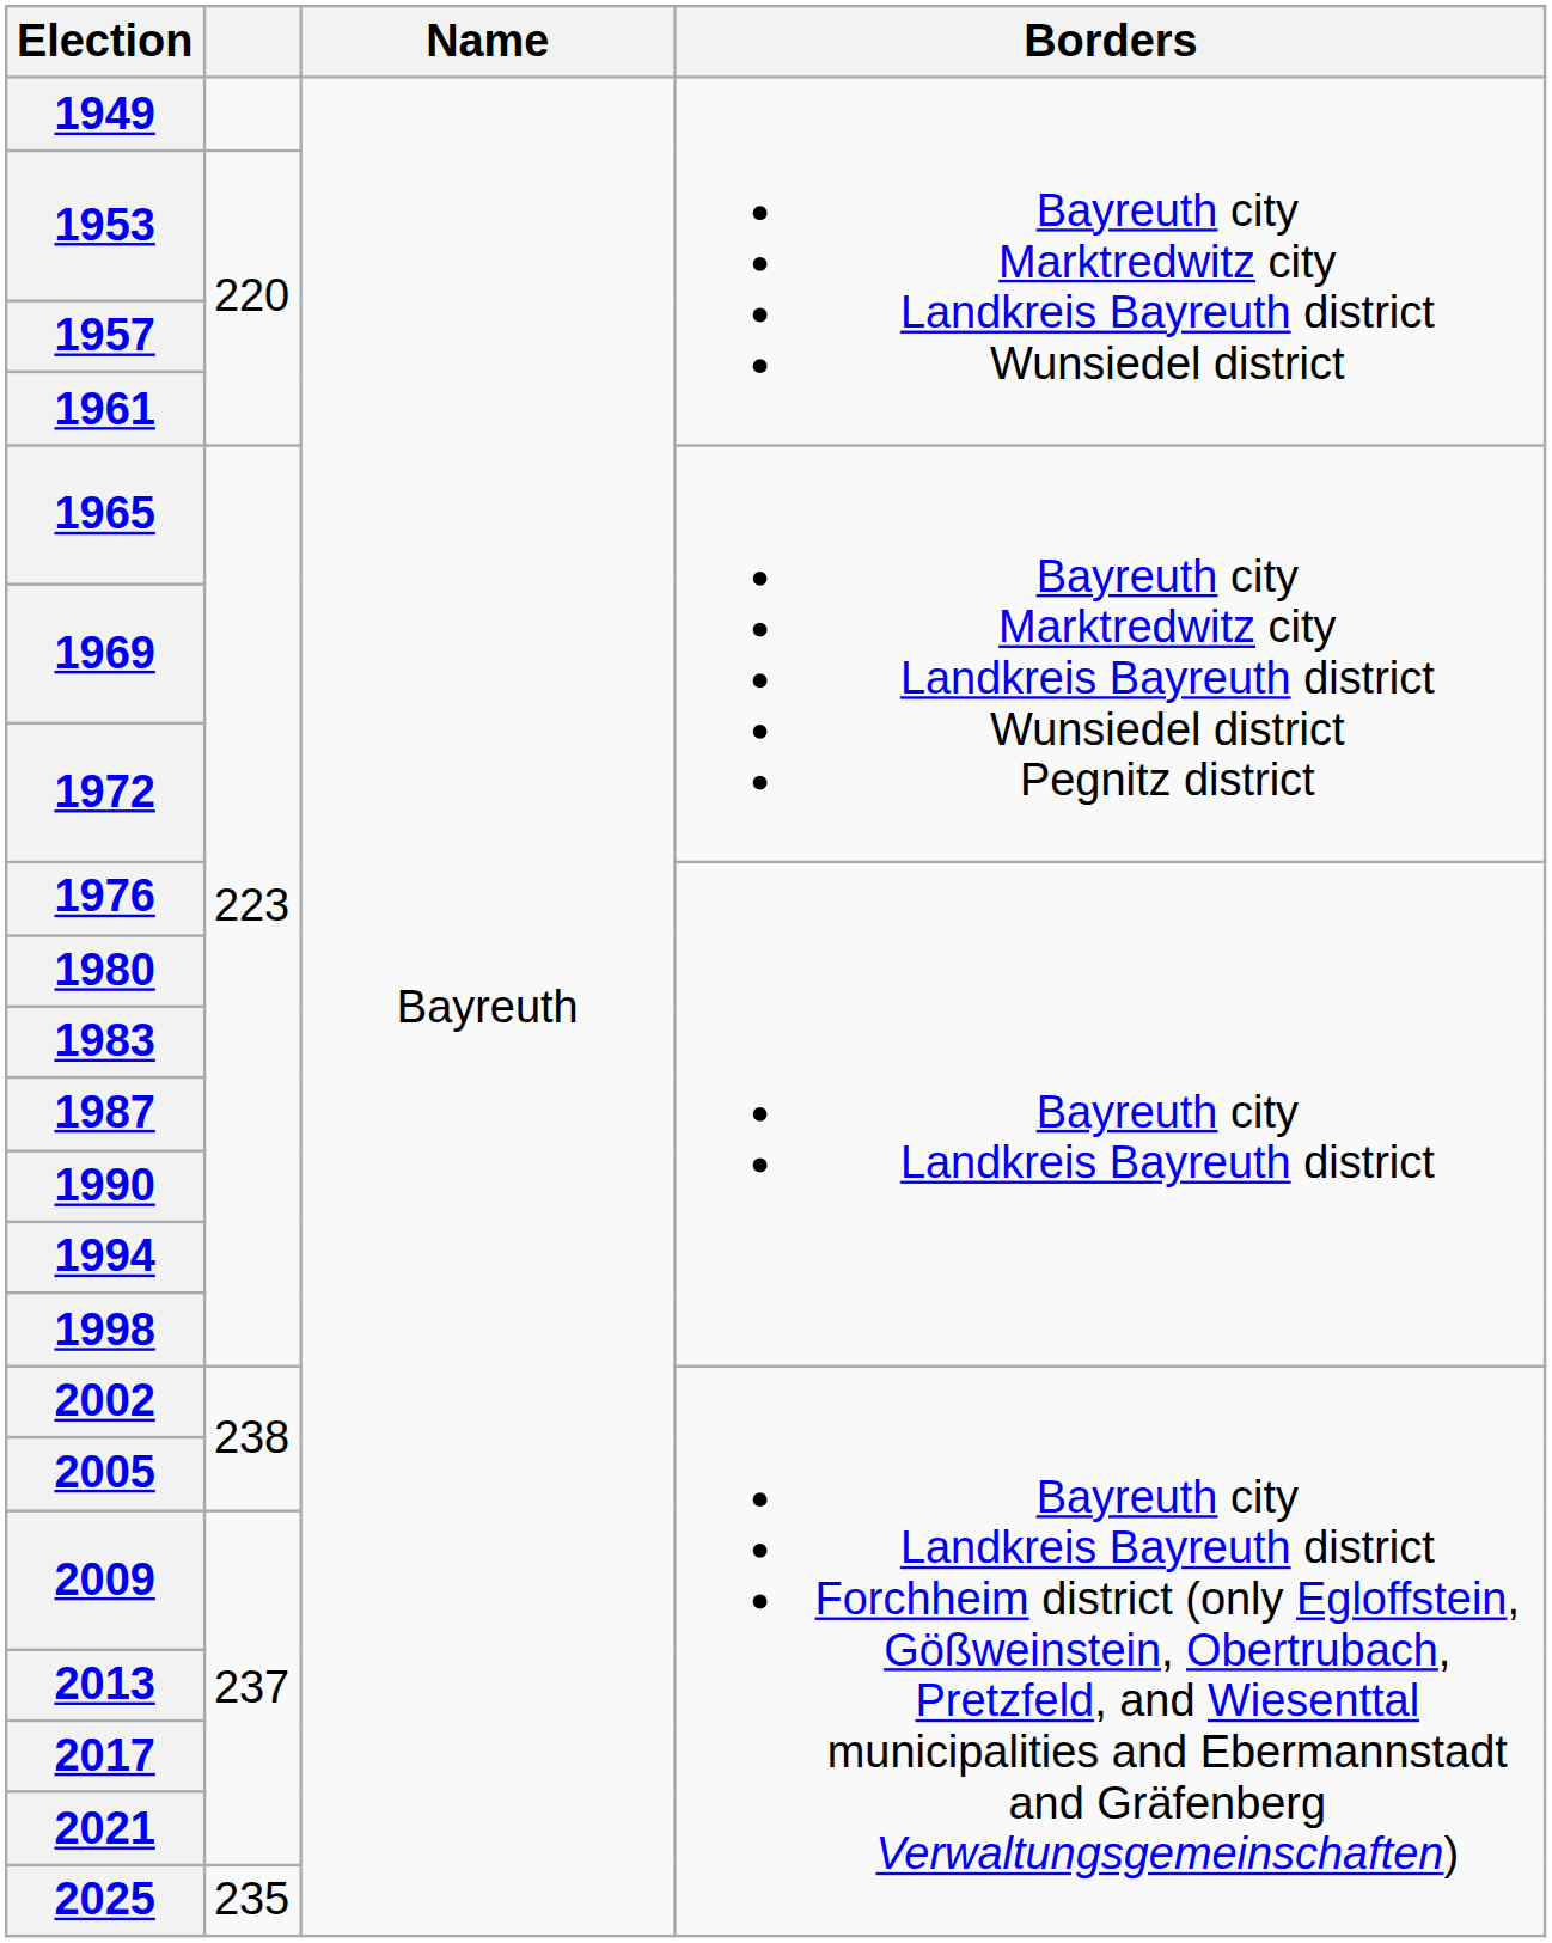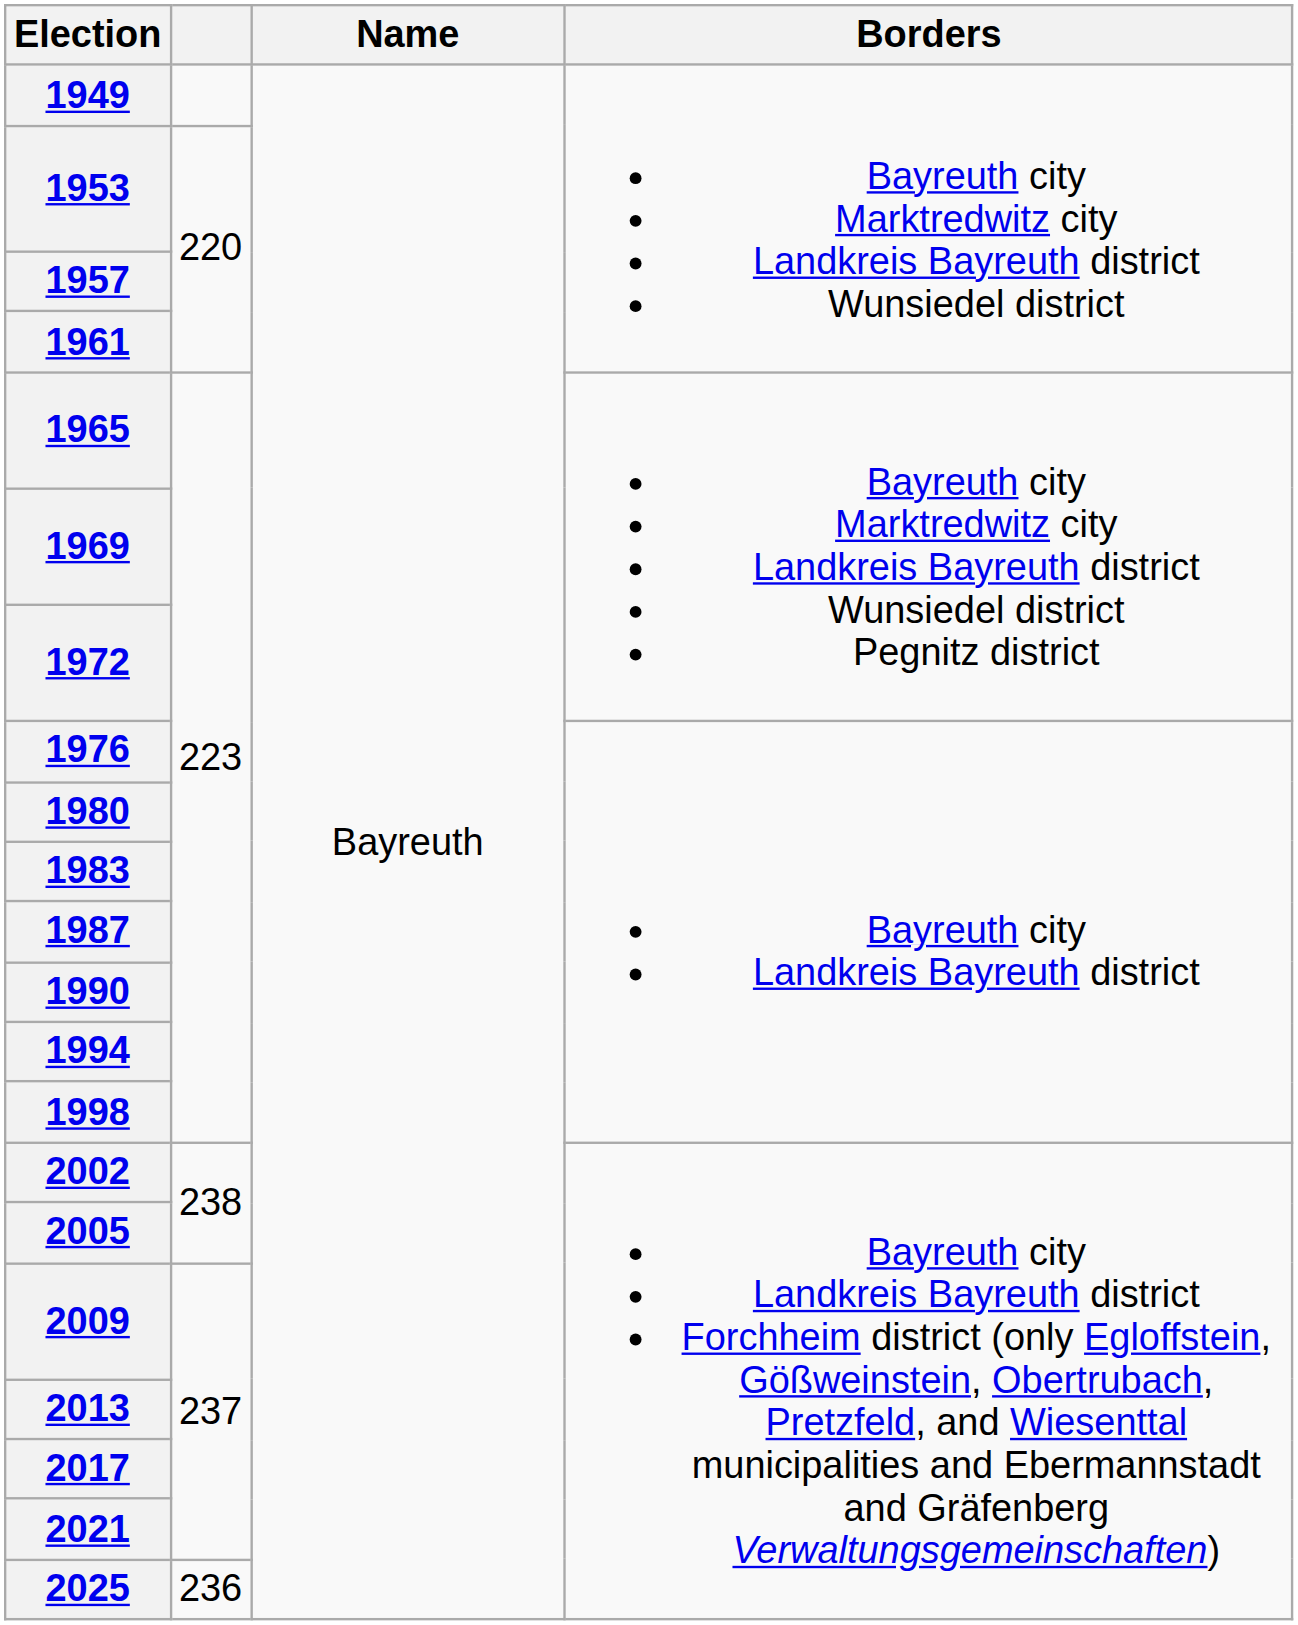 <table class=wikitable style="text-align:center">
 <tr>
 <th>Election</th>
 <th></th>
 <th width=125px>Name</th>
 <th width=300px>Borders</th>
 </tr>
 <tr>
 <th><a href='#'>1949</a></th>
 <td></td>
 <td rowspan=21>Bayreuth</td>
 <td rowspan=4><br><ul><li><a href='#'>Bayreuth</a> city</li><li><a href='#'>Marktredwitz</a> city</li><li><a href='#'>Landkreis Bayreuth</a> district</li><li>Wunsiedel district</li></ul></td>
 </tr>
 <tr>
 <th><a href='#'>1953</a></th>
 <td rowspan=3>220</td>
 </tr>
 <tr>
 <th><a href='#'>1957</a></th>
 </tr>
 <tr>
 <th><a href='#'>1961</a></th>
 </tr>
 <tr>
 <th><a href='#'>1965</a></th>
 <td rowspan=10>223</td>
 <td rowspan=3><br><ul><li><a href='#'>Bayreuth</a> city</li><li><a href='#'>Marktredwitz</a> city</li><li><a href='#'>Landkreis Bayreuth</a> district</li><li>Wunsiedel district</li><li>Pegnitz district</li></ul></td>
 </tr>
 <tr>
 <th><a href='#'>1969</a></th>
 </tr>
 <tr>
 <th><a href='#'>1972</a></th>
 </tr>
 <tr>
 <th><a href='#'>1976</a></th>
 <td rowspan=7><br><ul><li><a href='#'>Bayreuth</a> city</li><li><a href='#'>Landkreis Bayreuth</a> district</li></ul></td>
 </tr>
 <tr>
 <th><a href='#'>1980</a></th>
 </tr>
 <tr>
 <th><a href='#'>1983</a></th>
 </tr>
 <tr>
 <th><a href='#'>1987</a></th>
 </tr>
 <tr>
 <th><a href='#'>1990</a></th>
 </tr>
 <tr>
 <th><a href='#'>1994</a></th>
 </tr>
 <tr>
 <th><a href='#'>1998</a></th>
 </tr>
 <tr>
 <th><a href='#'>2002</a></th>
 <td rowspan=2>238</td>
 <td rowspan=7><br><ul><li><a href='#'>Bayreuth</a> city</li><li><a href='#'>Landkreis Bayreuth</a> district</li><li><a href='#'>Forchheim</a> district (only <a href='#'>Egloffstein</a>, <a href='#'>Gößweinstein</a>, <a href='#'>Obertrubach</a>, <a href='#'>Pretzfeld</a>, and <a href='#'>Wiesenttal</a> municipalities and Ebermannstadt and Gräfenberg <em><a href='#'>Verwaltungsgemeinschaften</a></em>)</li></ul></td>
 </tr>
 <tr>
 <th><a href='#'>2005</a></th>
 </tr>
 <tr>
 <th><a href='#'>2009</a></th>
 <td rowspan=4>237</td>
 </tr>
 <tr>
 <th><a href='#'>2013</a></th>
 </tr>
 <tr>
 <th><a href='#'>2017</a></th>
 </tr>
 <tr>
 <th><a href='#'>2021</a></th>
 </tr>
 <tr>
 <th><a href='#'>2025</a></th>
-<td>235</td>
+<td>236</td>
 </tr>
 </table>
